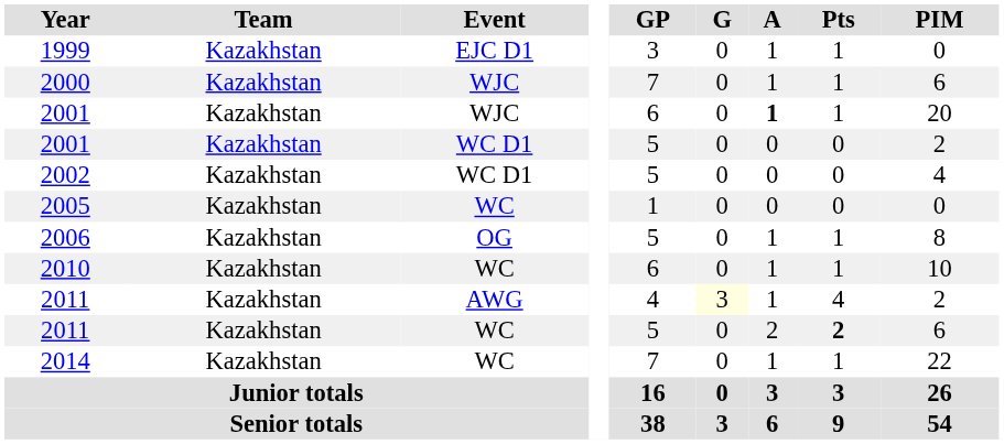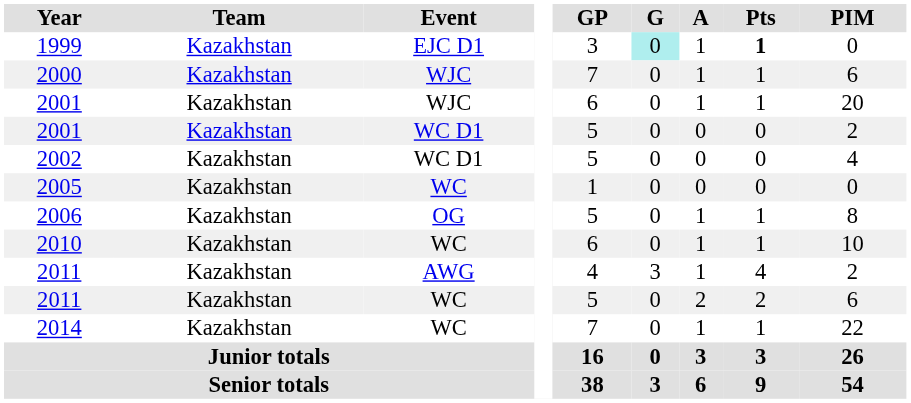 <table border="0" cellpadding="1" cellspacing="0" style="text-align:center; width:40em">
 <tr ALIGN="center" bgcolor="#e0e0e0">
 <th>Year</th>
 <th>Team</th>
 <th>Event</th>
 <th ALIGN="center" rowspan="99" bgcolor="#ffffff"> </th>
 <th>GP</th>
 <th>G</th>
 <th>A</th>
 <th>Pts</th>
 <th>PIM</th>
 </tr>
 <tr>
 <td><a href='#'>1999</a></td>
 <td><a href='#'>Kazakhstan</a></td>
 <td><a href='#'>EJC D1</a></td>
 <td>3</td>
-<td>0</td>
+<td style="background: paleturquoise;">0</td>
 <td>1</td>
-<td>1</td>
+<td><strong>1</strong></td>
 <td>0</td>
 </tr>
 <tr bgcolor="#f0f0f0">
 <td><a href='#'>2000</a></td>
 <td><a href='#'>Kazakhstan</a></td>
 <td><a href='#'>WJC</a></td>
 <td>7</td>
 <td>0</td>
 <td>1</td>
 <td>1</td>
 <td>6</td>
 </tr>
 <tr>
 <td><a href='#'>2001</a></td>
 <td>Kazakhstan</td>
 <td>WJC</td>
 <td>6</td>
 <td>0</td>
-<td><strong>1</strong></td>
+<td>1</td>
 <td>1</td>
 <td>20</td>
 </tr>
 <tr bgcolor="#f0f0f0">
 <td><a href='#'>2001</a></td>
 <td><a href='#'>Kazakhstan</a></td>
 <td><a href='#'>WC D1</a></td>
 <td>5</td>
 <td>0</td>
 <td>0</td>
 <td>0</td>
 <td>2</td>
 </tr>
 <tr>
 <td><a href='#'>2002</a></td>
 <td>Kazakhstan</td>
 <td>WC D1</td>
 <td>5</td>
 <td>0</td>
 <td>0</td>
 <td>0</td>
 <td>4</td>
 </tr>
 <tr bgcolor="#f0f0f0">
 <td><a href='#'>2005</a></td>
 <td>Kazakhstan</td>
 <td><a href='#'>WC</a></td>
 <td>1</td>
 <td>0</td>
 <td>0</td>
 <td>0</td>
 <td>0</td>
 </tr>
 <tr>
 <td><a href='#'>2006</a></td>
 <td>Kazakhstan</td>
 <td><a href='#'>OG</a></td>
 <td>5</td>
 <td>0</td>
 <td>1</td>
 <td>1</td>
 <td>8</td>
 </tr>
 <tr bgcolor="#f0f0f0">
 <td><a href='#'>2010</a></td>
 <td>Kazakhstan</td>
 <td>WC</td>
 <td>6</td>
 <td>0</td>
 <td>1</td>
 <td>1</td>
 <td>10</td>
 </tr>
 <tr>
 <td><a href='#'>2011</a></td>
 <td>Kazakhstan</td>
 <td><a href='#'>AWG</a></td>
 <td>4</td>
-<td style="background: lightyellow;">3</td>
+<td>3</td>
 <td>1</td>
 <td>4</td>
 <td>2</td>
 </tr>
 <tr bgcolor="#f0f0f0">
 <td><a href='#'>2011</a></td>
 <td>Kazakhstan</td>
 <td>WC</td>
 <td>5</td>
 <td>0</td>
 <td>2</td>
-<td><strong>2</strong></td>
+<td>2</td>
 <td>6</td>
 </tr>
 <tr>
 <td><a href='#'>2014</a></td>
 <td>Kazakhstan</td>
 <td>WC</td>
 <td>7</td>
 <td>0</td>
 <td>1</td>
 <td>1</td>
 <td>22</td>
 </tr>
 <tr bgcolor="#e0e0e0">
 <th colspan="3">Junior totals</th>
 <th>16</th>
 <th>0</th>
 <th>3</th>
 <th>3</th>
 <th>26</th>
 </tr>
 <tr bgcolor="#e0e0e0">
 <th colspan="3">Senior totals</th>
 <th>38</th>
 <th>3</th>
 <th>6</th>
 <th>9</th>
 <th>54</th>
 </tr>
 </table>
